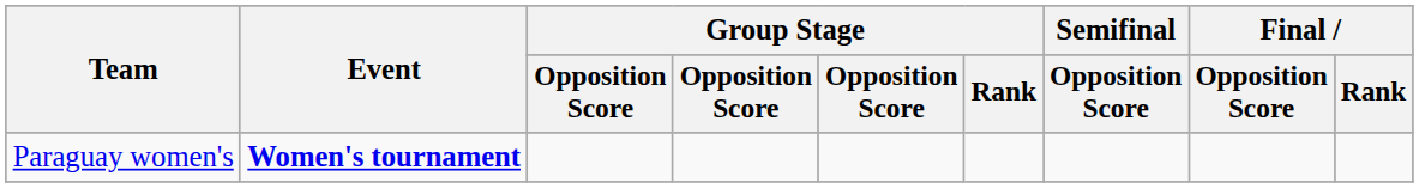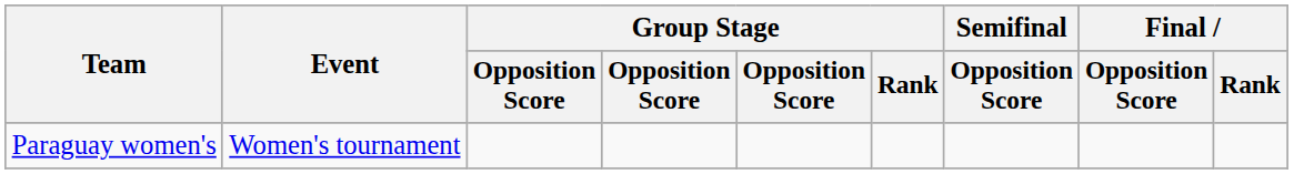 <table class=wikitable style=font-size:90%>
 <tr>
 <th rowspan=2>Team</th>
 <th rowspan=2>Event</th>
 <th colspan=4>Group Stage</th>
 <th>Semifinal</th>
 <th colspan=2>Final / </th>
 </tr>
 <tr style=font-size:95%>
 <th>Opposition<br>Score</th>
 <th>Opposition<br>Score</th>
 <th>Opposition<br>Score</th>
 <th>Rank</th>
 <th>Opposition<br>Score</th>
 <th>Opposition<br>Score</th>
 <th>Rank</th>
 </tr>
 <tr align=center>
 <td align=left><a href='#'>Paraguay women's</a></td>
-<td align=left><strong><a href='#'>Women's tournament</a></strong></td>
+<td align=left><a href='#'>Women's tournament</a></td>
 <td></td>
 <td></td>
 <td></td>
 <td></td>
 <td></td>
 <td></td>
 <td></td>
 </tr>
 </table>
